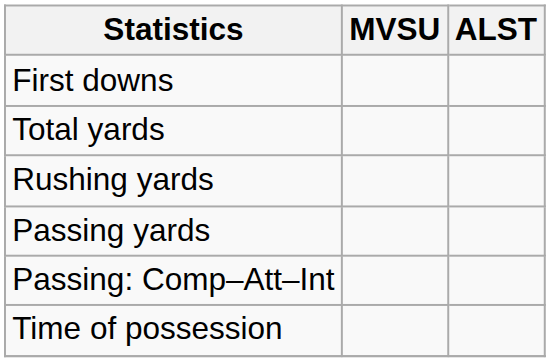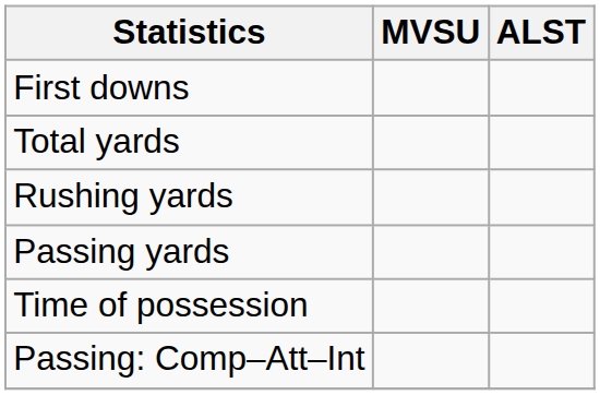 <table class="wikitable" style="float: left;">
 <tr>
 <th>Statistics</th>
 <th>MVSU</th>
 <th>ALST</th>
 </tr>
 <tr>
 <td>First downs</td>
 <td></td>
 <td></td>
 </tr>
 <tr>
 <td>Total yards</td>
 <td></td>
 <td></td>
 </tr>
 <tr>
 <td>Rushing yards</td>
 <td></td>
 <td></td>
 </tr>
 <tr>
 <td>Passing yards</td>
 <td></td>
 <td></td>
 </tr>
 <tr>
-<td>Passing: Comp–Att–Int</td>
+<td>Time of possession</td>
 <td></td>
 <td></td>
 </tr>
 <tr>
-<td>Time of possession</td>
+<td>Passing: Comp–Att–Int</td>
 <td></td>
 <td></td>
 </tr>
 <tr>
 </tr>
 </table>
